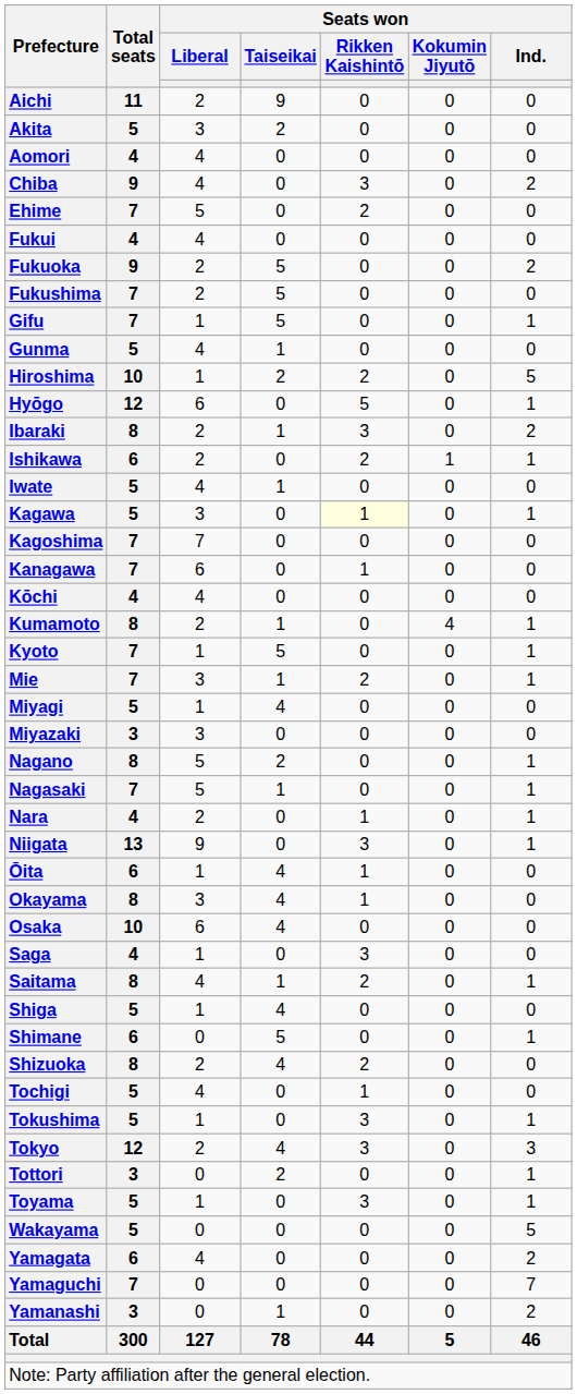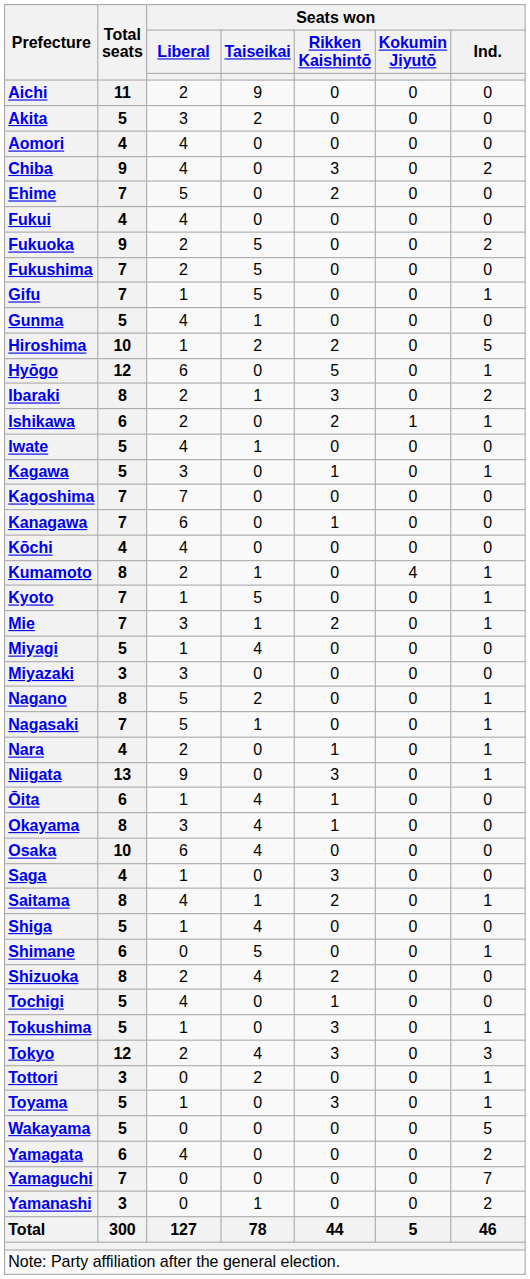 <table class="wikitable" style="text-align:center; font-size: 0.9em;">
 <tr>
 <th rowspan="3">Prefecture</th>
 <th rowspan="3">Total<br>seats</th>
 <th colspan="5">Seats won</th>
 </tr>
 <tr>
 <th class="unsortable" style="width:60px;"><a href='#'>Liberal</a></th>
 <th class="unsortable" style="width:60px;"><a href='#'>Taiseikai</a></th>
 <th class="unsortable" style="width:60px;"><a href='#'>Rikken Kaishintō</a></th>
 <th class="unsortable" style="width:60px;"><a href='#'>Kokumin Jiyutō</a></th>
 <th class="unsortable" style="width:60px;">Ind.</th>
 </tr>
 <tr>
 <th style="background:"></th>
 <th style="background:"></th>
 <th style="background:"></th>
 <th style="background:"></th>
 <th style="background:"></th>
 </tr>
 <tr>
 <th style="text-align: left;"><a href='#'>Aichi</a></th>
 <th>11</th>
 <td>2</td>
 <td>9</td>
 <td>0</td>
 <td>0</td>
 <td>0</td>
 </tr>
 <tr>
 <th style="text-align: left;"><a href='#'>Akita</a></th>
 <th>5</th>
 <td>3</td>
 <td>2</td>
 <td>0</td>
 <td>0</td>
 <td>0</td>
 </tr>
 <tr>
 <th style="text-align: left;"><a href='#'>Aomori</a></th>
 <th>4</th>
 <td>4</td>
 <td>0</td>
 <td>0</td>
 <td>0</td>
 <td>0</td>
 </tr>
 <tr>
 <th style="text-align: left;"><a href='#'>Chiba</a></th>
 <th>9</th>
 <td>4</td>
 <td>0</td>
 <td>3</td>
 <td>0</td>
 <td>2</td>
 </tr>
 <tr>
 <th style="text-align: left;"><a href='#'>Ehime</a></th>
 <th>7</th>
 <td>5</td>
 <td>0</td>
 <td>2</td>
 <td>0</td>
 <td>0</td>
 </tr>
 <tr>
 <th style="text-align: left;"><a href='#'>Fukui</a></th>
 <th>4</th>
 <td>4</td>
 <td>0</td>
 <td>0</td>
 <td>0</td>
 <td>0</td>
 </tr>
 <tr>
 <th style="text-align: left;"><a href='#'>Fukuoka</a></th>
 <th>9</th>
 <td>2</td>
 <td>5</td>
 <td>0</td>
 <td>0</td>
 <td>2</td>
 </tr>
 <tr>
 <th style="text-align: left;"><a href='#'>Fukushima</a></th>
 <th>7</th>
 <td>2</td>
 <td>5</td>
 <td>0</td>
 <td>0</td>
 <td>0</td>
 </tr>
 <tr>
 <th style="text-align: left;"><a href='#'>Gifu</a></th>
 <th>7</th>
 <td>1</td>
 <td>5</td>
 <td>0</td>
 <td>0</td>
 <td>1</td>
 </tr>
 <tr>
 <th style="text-align: left;"><a href='#'>Gunma</a></th>
 <th>5</th>
 <td>4</td>
 <td>1</td>
 <td>0</td>
 <td>0</td>
 <td>0</td>
 </tr>
 <tr>
 <th style="text-align: left;"><a href='#'>Hiroshima</a></th>
 <th>10</th>
 <td>1</td>
 <td>2</td>
 <td>2</td>
 <td>0</td>
 <td>5</td>
 </tr>
 <tr>
 <th style="text-align: left;"><a href='#'>Hyōgo</a></th>
 <th>12</th>
 <td>6</td>
 <td>0</td>
 <td>5</td>
 <td>0</td>
 <td>1</td>
 </tr>
 <tr>
 <th style="text-align: left;"><a href='#'>Ibaraki</a></th>
 <th>8</th>
 <td>2</td>
 <td>1</td>
 <td>3</td>
 <td>0</td>
 <td>2</td>
 </tr>
 <tr>
 <th style="text-align: left;"><a href='#'>Ishikawa</a></th>
 <th>6</th>
 <td>2</td>
 <td>0</td>
 <td>2</td>
 <td>1</td>
 <td>1</td>
 </tr>
 <tr>
 <th style="text-align: left;"><a href='#'>Iwate</a></th>
 <th>5</th>
 <td>4</td>
 <td>1</td>
 <td>0</td>
 <td>0</td>
 <td>0</td>
 </tr>
 <tr>
 <th style="text-align: left;"><a href='#'>Kagawa</a></th>
 <th>5</th>
 <td>3</td>
 <td>0</td>
-<td style="background: lightyellow;">1</td>
+<td>1</td>
 <td>0</td>
 <td>1</td>
 </tr>
 <tr>
 <th style="text-align: left;"><a href='#'>Kagoshima</a></th>
 <th>7</th>
 <td>7</td>
 <td>0</td>
 <td>0</td>
 <td>0</td>
 <td>0</td>
 </tr>
 <tr>
 <th style="text-align: left;"><a href='#'>Kanagawa</a></th>
 <th>7</th>
 <td>6</td>
 <td>0</td>
 <td>1</td>
 <td>0</td>
 <td>0</td>
 </tr>
 <tr>
 <th style="text-align: left;"><a href='#'>Kōchi</a></th>
 <th>4</th>
 <td>4</td>
 <td>0</td>
 <td>0</td>
 <td>0</td>
 <td>0</td>
 </tr>
 <tr>
 <th style="text-align: left;"><a href='#'>Kumamoto</a></th>
 <th>8</th>
 <td>2</td>
 <td>1</td>
 <td>0</td>
 <td>4</td>
 <td>1</td>
 </tr>
 <tr>
 <th style="text-align: left;"><a href='#'>Kyoto</a></th>
 <th>7</th>
 <td>1</td>
 <td>5</td>
 <td>0</td>
 <td>0</td>
 <td>1</td>
 </tr>
 <tr>
 <th style="text-align: left;"><a href='#'>Mie</a></th>
 <th>7</th>
 <td>3</td>
 <td>1</td>
 <td>2</td>
 <td>0</td>
 <td>1</td>
 </tr>
 <tr>
 <th style="text-align: left;"><a href='#'>Miyagi</a></th>
 <th>5</th>
 <td>1</td>
 <td>4</td>
 <td>0</td>
 <td>0</td>
 <td>0</td>
 </tr>
 <tr>
 <th style="text-align: left;"><a href='#'>Miyazaki</a></th>
 <th>3</th>
 <td>3</td>
 <td>0</td>
 <td>0</td>
 <td>0</td>
 <td>0</td>
 </tr>
 <tr>
 <th style="text-align: left;"><a href='#'>Nagano</a></th>
 <th>8</th>
 <td>5</td>
 <td>2</td>
 <td>0</td>
 <td>0</td>
 <td>1</td>
 </tr>
 <tr>
 <th style="text-align: left;"><a href='#'>Nagasaki</a></th>
 <th>7</th>
 <td>5</td>
 <td>1</td>
 <td>0</td>
 <td>0</td>
 <td>1</td>
 </tr>
 <tr>
 <th style="text-align: left;"><a href='#'>Nara</a></th>
 <th>4</th>
 <td>2</td>
 <td>0</td>
 <td>1</td>
 <td>0</td>
 <td>1</td>
 </tr>
 <tr>
 <th style="text-align: left;"><a href='#'>Niigata</a></th>
 <th>13</th>
 <td>9</td>
 <td>0</td>
 <td>3</td>
 <td>0</td>
 <td>1</td>
 </tr>
 <tr>
 <th style="text-align: left;"><a href='#'>Ōita</a></th>
 <th>6</th>
 <td>1</td>
 <td>4</td>
 <td>1</td>
 <td>0</td>
 <td>0</td>
 </tr>
 <tr>
 <th style="text-align: left;"><a href='#'>Okayama</a></th>
 <th>8</th>
 <td>3</td>
 <td>4</td>
 <td>1</td>
 <td>0</td>
 <td>0</td>
 </tr>
 <tr>
 <th style="text-align: left;"><a href='#'>Osaka</a></th>
 <th>10</th>
 <td>6</td>
 <td>4</td>
 <td>0</td>
 <td>0</td>
 <td>0</td>
 </tr>
 <tr>
 <th style="text-align: left;"><a href='#'>Saga</a></th>
 <th>4</th>
 <td>1</td>
 <td>0</td>
 <td>3</td>
 <td>0</td>
 <td>0</td>
 </tr>
 <tr>
 <th style="text-align: left;"><a href='#'>Saitama</a></th>
 <th>8</th>
 <td>4</td>
 <td>1</td>
 <td>2</td>
 <td>0</td>
 <td>1</td>
 </tr>
 <tr>
 <th style="text-align: left;"><a href='#'>Shiga</a></th>
 <th>5</th>
 <td>1</td>
 <td>4</td>
 <td>0</td>
 <td>0</td>
 <td>0</td>
 </tr>
 <tr>
 <th style="text-align: left;"><a href='#'>Shimane</a></th>
 <th>6</th>
 <td>0</td>
 <td>5</td>
 <td>0</td>
 <td>0</td>
 <td>1</td>
 </tr>
 <tr>
 <th style="text-align: left;"><a href='#'>Shizuoka</a></th>
 <th>8</th>
 <td>2</td>
 <td>4</td>
 <td>2</td>
 <td>0</td>
 <td>0</td>
 </tr>
 <tr>
 <th style="text-align: left;"><a href='#'>Tochigi</a></th>
 <th>5</th>
 <td>4</td>
 <td>0</td>
 <td>1</td>
 <td>0</td>
 <td>0</td>
 </tr>
 <tr>
 <th style="text-align: left;"><a href='#'>Tokushima</a></th>
 <th>5</th>
 <td>1</td>
 <td>0</td>
 <td>3</td>
 <td>0</td>
 <td>1</td>
 </tr>
 <tr>
 <th style="text-align: left;"><a href='#'>Tokyo</a></th>
 <th>12</th>
 <td>2</td>
 <td>4</td>
 <td>3</td>
 <td>0</td>
 <td>3</td>
 </tr>
 <tr>
 <th style="text-align: left;"><a href='#'>Tottori</a></th>
 <th>3</th>
 <td>0</td>
 <td>2</td>
 <td>0</td>
 <td>0</td>
 <td>1</td>
 </tr>
 <tr>
 <th style="text-align: left;"><a href='#'>Toyama</a></th>
 <th>5</th>
 <td>1</td>
 <td>0</td>
 <td>3</td>
 <td>0</td>
 <td>1</td>
 </tr>
 <tr>
 <th style="text-align: left;"><a href='#'>Wakayama</a></th>
 <th>5</th>
 <td>0</td>
 <td>0</td>
 <td>0</td>
 <td>0</td>
 <td>5</td>
 </tr>
 <tr>
 <th style="text-align: left;"><a href='#'>Yamagata</a></th>
 <th>6</th>
 <td>4</td>
 <td>0</td>
 <td>0</td>
 <td>0</td>
 <td>2</td>
 </tr>
 <tr>
 <th style="text-align: left;"><a href='#'>Yamaguchi</a></th>
 <th>7</th>
 <td>0</td>
 <td>0</td>
 <td>0</td>
 <td>0</td>
 <td>7</td>
 </tr>
 <tr>
 <th style="text-align: left;"><a href='#'>Yamanashi</a></th>
 <th>3</th>
 <td>0</td>
 <td>1</td>
 <td>0</td>
 <td>0</td>
 <td>2</td>
 </tr>
 <tr class="sortbottom">
 <th style="text-align: left;">Total</th>
 <th>300</th>
 <th>127</th>
 <th>78</th>
 <th>44</th>
 <th>5</th>
 <th>46</th>
 </tr>
 <tr>
 <th colspan="7"></th>
 </tr>
 <tr>
 <td colspan="7" style="text-align: left;">Note: Party affiliation after the general election.</td>
 </tr>
 </table>
